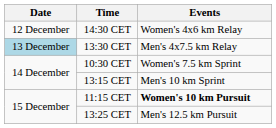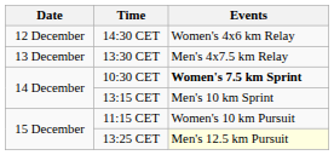 <table class="wikitable" style="text-align: center" width="400">
 <tr>
 <th>Date</th>
 <th>Time</th>
 <th>Events</th>
 </tr>
 <tr>
 <td rowspan>12 December</td>
 <td>14:30 CET</td>
 <td style="text-align: left">Women's 4x6 km Relay</td>
 </tr>
 <tr>
-<td rowspan style="background: lightblue;">13 December</td>
+<td rowspan>13 December</td>
 <td>13:30 CET</td>
 <td style="text-align: left">Men's 4x7.5 km Relay</td>
 </tr>
 <tr>
 <td rowspan=2>14 December</td>
 <td>10:30 CET</td>
-<td style="text-align: left">Women's 7.5 km Sprint</td>
+<td style="text-align: left"><strong>Women's 7.5 km Sprint</strong></td>
 </tr>
 <tr>
 <td>13:15 CET</td>
 <td style="text-align: left">Men's 10 km Sprint</td>
 </tr>
 <tr>
 <td rowspan=2>15 December</td>
 <td>11:15 CET</td>
-<td style="text-align: left"><strong>Women's 10 km Pursuit</strong></td>
+<td style="text-align: left">Women's 10 km Pursuit</td>
 </tr>
 <tr>
 <td>13:25 CET</td>
-<td style="text-align: left">Men's 12.5 km Pursuit</td>
+<td style="background: lightyellow; text-align: left">Men's 12.5 km Pursuit</td>
 </tr>
 </table>
